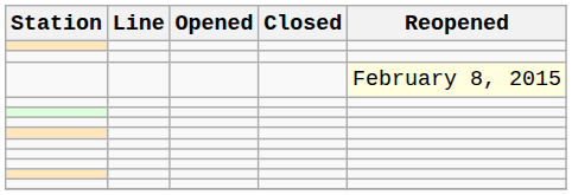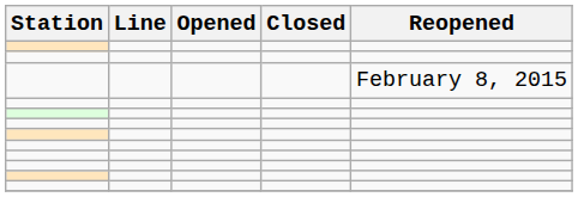 <table class="wikitable sortable">
 <tr>
 <th scope="col">Station</th>
 <th scope="col">Line</th>
 <th scope="col">Opened</th>
 <th scope="col">Closed</th>
 <th scope="col">Reopened</th>
 </tr>
 <tr>
 <td scope="row" style="background-color:#FFE6BD"> </td>
 <td> </td>
 <td></td>
 <td></td>
 <td></td>
 </tr>
 <tr>
 <td scope="row"></td>
 <td></td>
 <td></td>
 <td></td>
 <td></td>
 </tr>
 <tr>
 <td scope="row"></td>
 <td></td>
 <td></td>
 <td></td>
-<td style="background: lightyellow;">February 8, 2015</td>
+<td>February 8, 2015</td>
 </tr>
 <tr>
 <td scope="row"></td>
 <td></td>
 <td></td>
 <td></td>
 <td></td>
 </tr>
 <tr>
 <td scope="row" ! style="background-color:#ddffdd"> </td>
 <td></td>
 <td></td>
 <td></td>
 <td></td>
 </tr>
 <tr>
 <td scope="row"></td>
 <td></td>
 <td></td>
 <td></td>
 <td></td>
 </tr>
 <tr>
 <td scope="row" style="background-color:#FFE6BD"> </td>
 <td>   </td>
 <td></td>
 <td></td>
 <td></td>
 </tr>
 <tr>
 <td scope="row"></td>
 <td> </td>
 <td></td>
 <td></td>
 <td></td>
 </tr>
 <tr>
 <td scope="row"></td>
 <td></td>
 <td></td>
 <td></td>
 <td></td>
 </tr>
 <tr>
 <td scope="row"></td>
 <td></td>
 <td></td>
 <td></td>
 <td></td>
 </tr>
 <tr>
 <td scope="row" style="background-color:#FFE6BD"> </td>
 <td> </td>
 <td></td>
 <td></td>
 <td></td>
 </tr>
 <tr>
 <td scope="row"></td>
 <td> </td>
 <td></td>
 <td></td>
 <td></td>
 </tr>
 <tr>
 </tr>
 </table>
